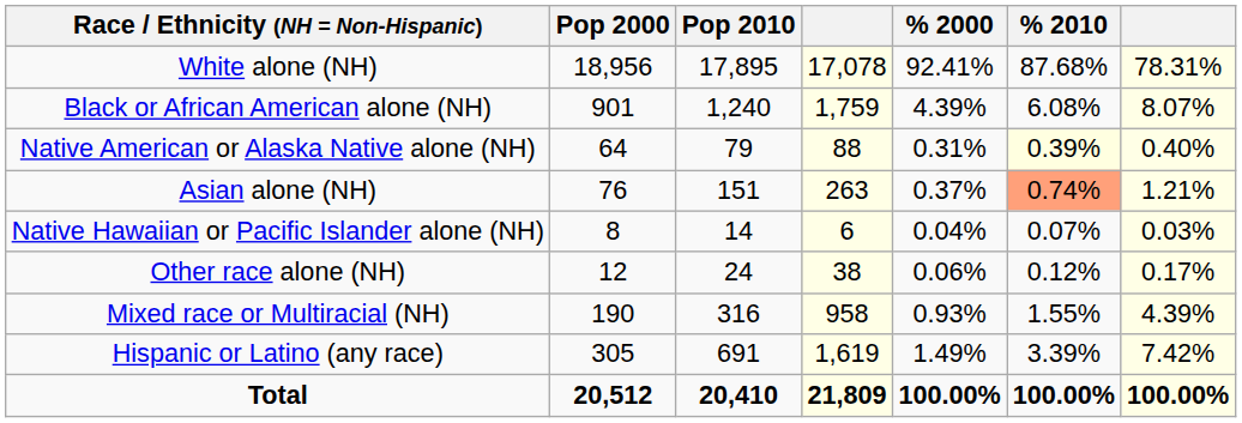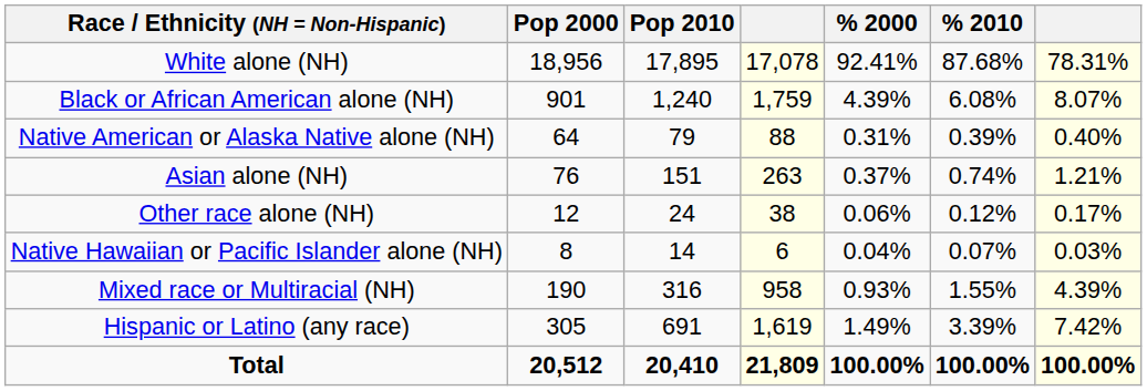 <table class="wikitable" style="text-align:center;">
 <tr>
 <th>Race / Ethnicity <small>(<em>NH = Non-Hispanic</em>)</small></th>
 <th>Pop 2000</th>
 <th>Pop 2010</th>
 <th></th>
 <th>% 2000</th>
 <th>% 2010</th>
 <th></th>
 </tr>
 <tr>
 <td><a href='#'>White</a> alone (NH)</td>
 <td>18,956</td>
 <td>17,895</td>
 <td style='background: #ffffe6;'>17,078</td>
 <td>92.41%</td>
 <td>87.68%</td>
 <td style='background: #ffffe6;'>78.31%</td>
 </tr>
 <tr>
 <td><a href='#'>Black or African American</a> alone (NH)</td>
 <td>901</td>
 <td>1,240</td>
 <td style='background: #ffffe6;'>1,759</td>
 <td>4.39%</td>
 <td>6.08%</td>
 <td style='background: #ffffe6;'>8.07%</td>
 </tr>
 <tr>
 <td><a href='#'>Native American</a> or <a href='#'>Alaska Native</a> alone (NH)</td>
 <td>64</td>
 <td>79</td>
 <td style='background: #ffffe6;'>88</td>
 <td>0.31%</td>
-<td style="background: lightyellow;">0.39%</td>
+<td>0.39%</td>
 <td style='background: #ffffe6;'>0.40%</td>
 </tr>
 <tr>
 <td><a href='#'>Asian</a> alone (NH)</td>
 <td>76</td>
 <td>151</td>
 <td style='background: #ffffe6;'>263</td>
 <td>0.37%</td>
-<td style="background: lightsalmon;">0.74%</td>
+<td>0.74%</td>
 <td style='background: #ffffe6;'>1.21%</td>
+</tr>
+<tr>
+<td><a href='#'>Other race</a> alone (NH)</td>
+<td>12</td>
+<td>24</td>
+<td style='background: #ffffe6;'>38</td>
+<td>0.06%</td>
+<td>0.12%</td>
+<td style='background: #ffffe6;'>0.17%</td>
 </tr>
 <tr>
 <td><a href='#'>Native Hawaiian</a> or <a href='#'>Pacific Islander</a> alone (NH)</td>
 <td>8</td>
 <td>14</td>
 <td style='background: #ffffe6;'>6</td>
 <td>0.04%</td>
 <td>0.07%</td>
 <td style='background: #ffffe6;'>0.03%</td>
-</tr>
-<tr>
-<td><a href='#'>Other race</a> alone (NH)</td>
-<td>12</td>
-<td>24</td>
-<td style='background: #ffffe6;'>38</td>
-<td>0.06%</td>
-<td>0.12%</td>
-<td style='background: #ffffe6;'>0.17%</td>
 </tr>
 <tr>
 <td><a href='#'>Mixed race or Multiracial</a> (NH)</td>
 <td>190</td>
 <td>316</td>
 <td style='background: #ffffe6;'>958</td>
 <td>0.93%</td>
 <td>1.55%</td>
 <td style='background: #ffffe6;'>4.39%</td>
 </tr>
 <tr>
 <td><a href='#'>Hispanic or Latino</a> (any race)</td>
 <td>305</td>
 <td>691</td>
 <td style='background: #ffffe6;'>1,619</td>
 <td>1.49%</td>
 <td>3.39%</td>
 <td style='background: #ffffe6;'>7.42%</td>
 </tr>
 <tr>
 <td><strong>Total</strong></td>
 <td><strong>20,512</strong></td>
 <td><strong>20,410</strong></td>
 <td style='background: #ffffe6;'><strong>21,809</strong></td>
 <td><strong>100.00%</strong></td>
 <td><strong>100.00%</strong></td>
 <td style='background: #ffffe6;'><strong>100.00%</strong></td>
 </tr>
 </table>
